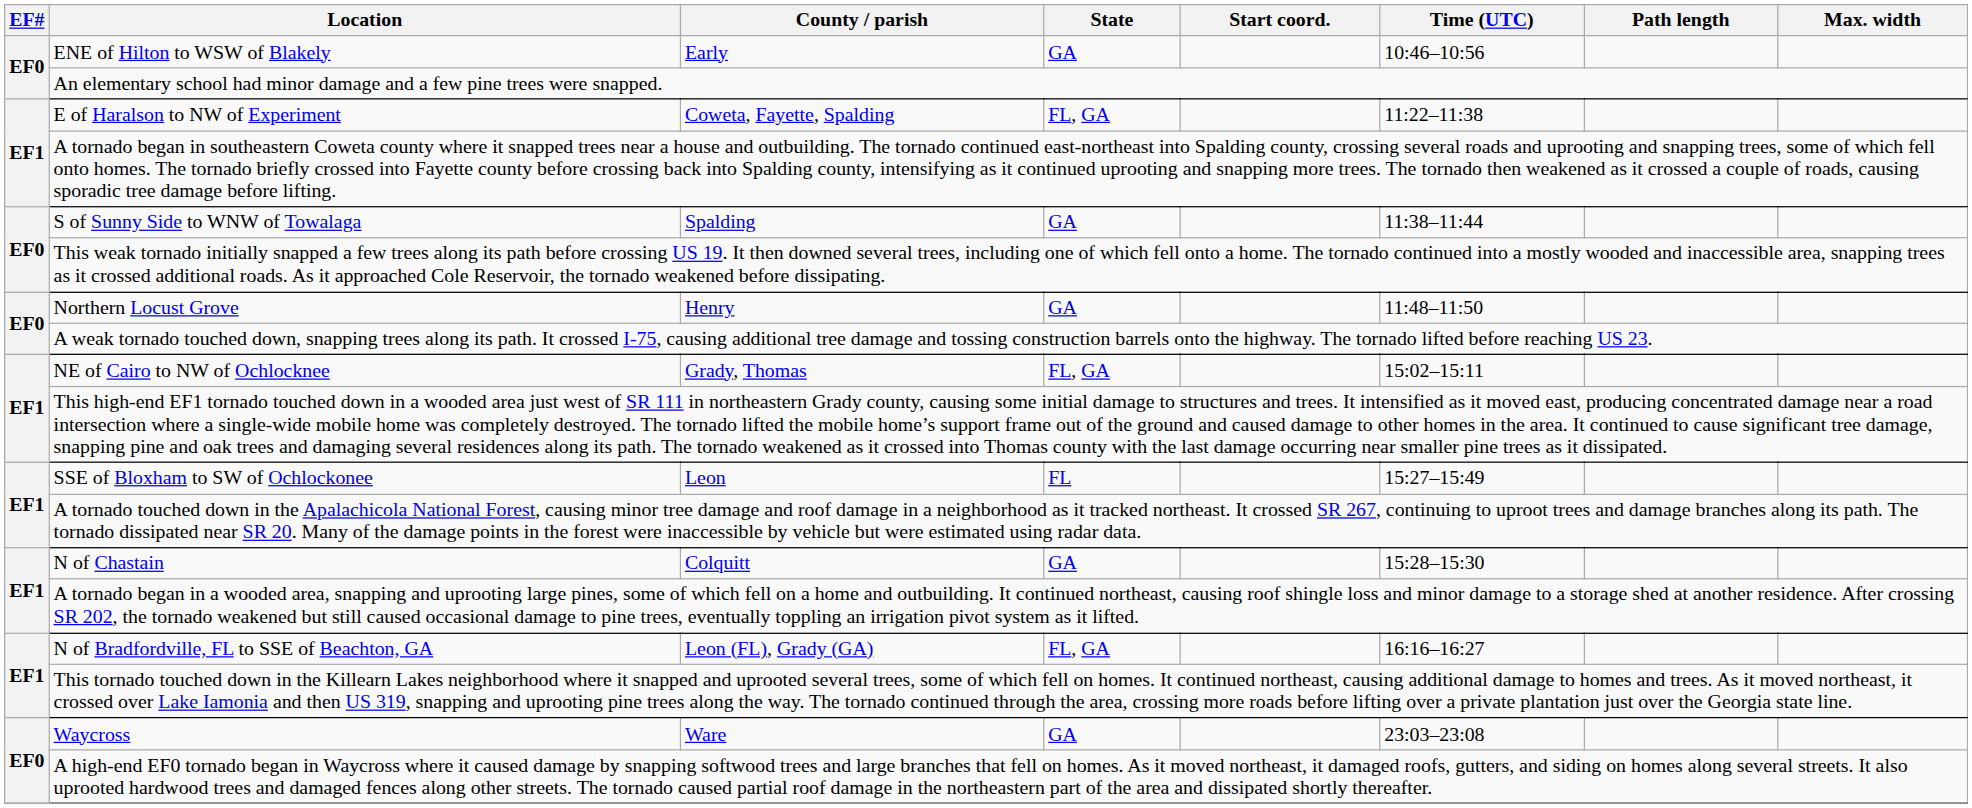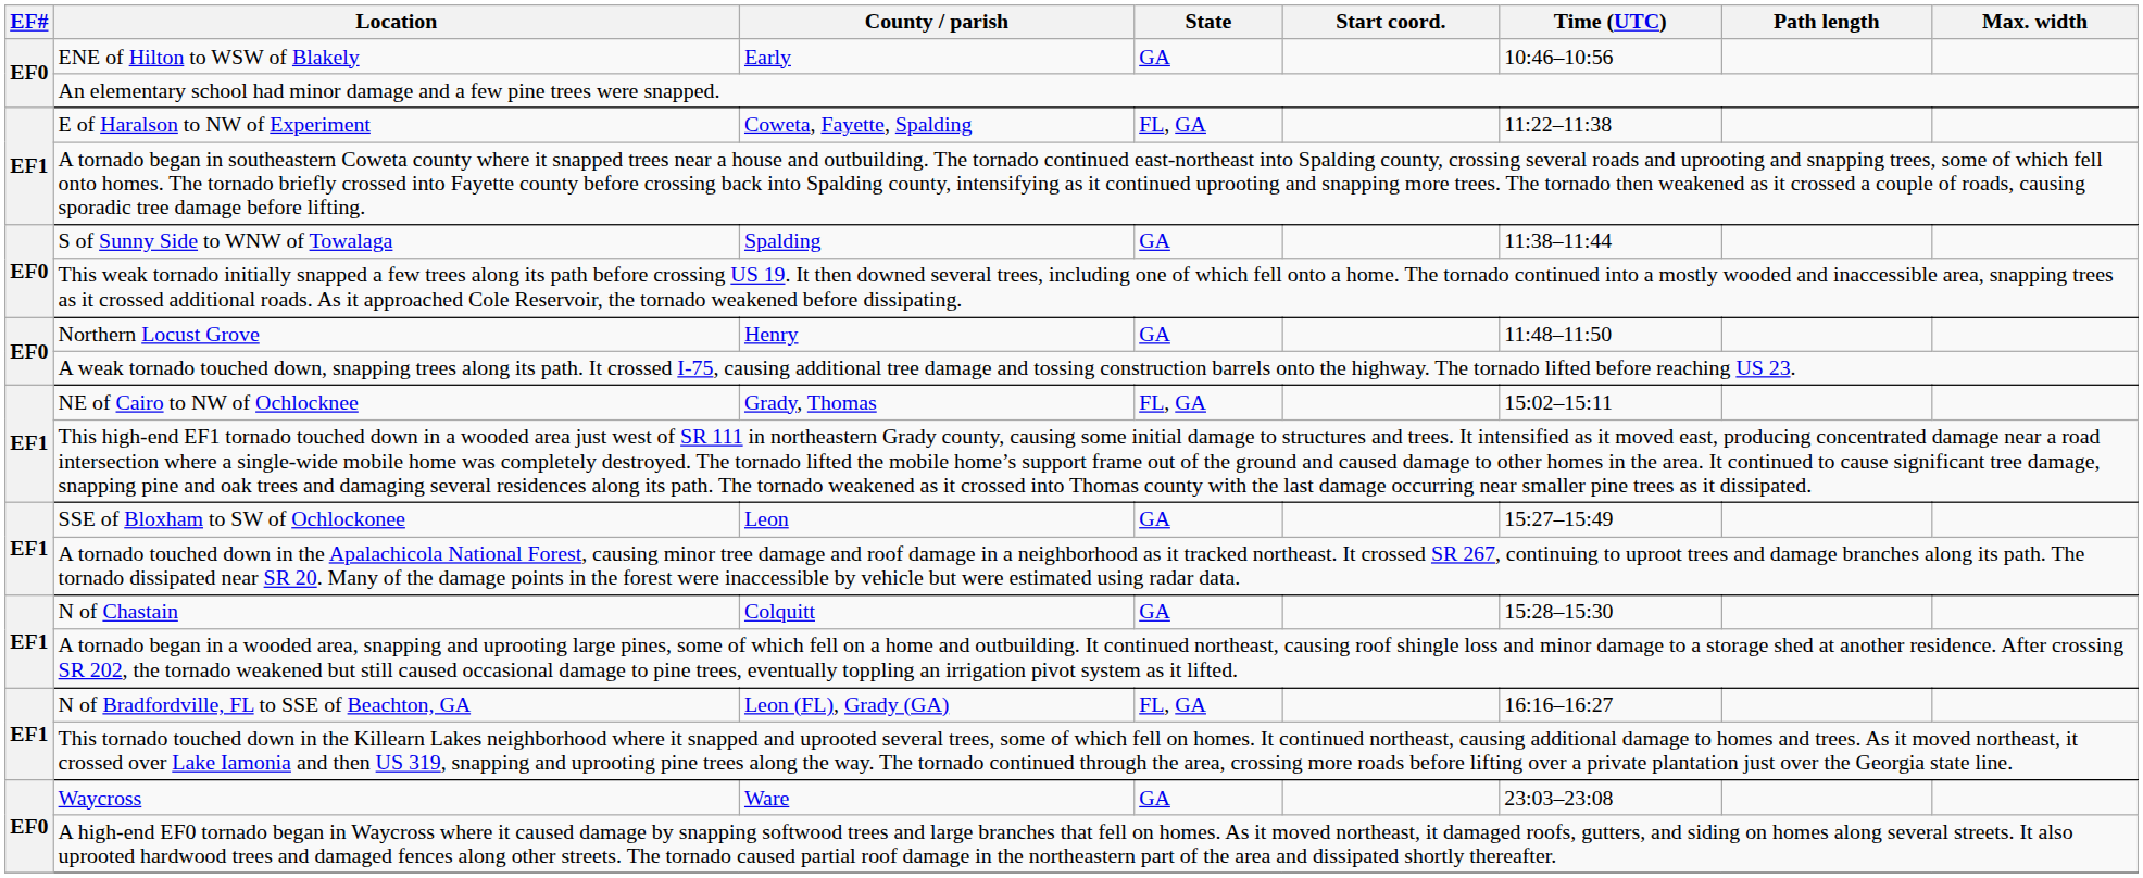 <table class="wikitable sortable" style="width:100%;">
 <tr>
 <th scope="col" width="2%" align="center"><a href='#'>EF#</a></th>
 <th scope="col" align="center" class="unsortable">Location</th>
 <th scope="col" align="center" class="unsortable">County / parish</th>
 <th scope="col" align="center">State</th>
 <th scope="col" align="center">Start coord.</th>
 <th scope="col" align="center">Time (<a href='#'>UTC</a>)</th>
 <th scope="col" align="center">Path length</th>
 <th scope="col" align="center">Max. width</th>
 </tr>
 <tr>
 <th scope="row" rowspan="2" style="background-color:#">EF0</th>
 <td>ENE of <a href='#'>Hilton</a> to WSW of <a href='#'>Blakely</a></td>
 <td><a href='#'>Early</a></td>
 <td><a href='#'>GA</a></td>
 <td></td>
 <td>10:46–10:56</td>
 <td></td>
 <td></td>
 </tr>
 <tr class="expand-child">
 <td colspan="8" style=" border-bottom: 1px solid black;">An elementary school had minor damage and a few pine trees were snapped.</td>
 </tr>
 <tr>
 <th scope="row" rowspan="2" style="background-color:#">EF1</th>
 <td>E of <a href='#'>Haralson</a> to NW of <a href='#'>Experiment</a></td>
 <td><a href='#'>Coweta</a>, <a href='#'>Fayette</a>, <a href='#'>Spalding</a></td>
 <td><a href='#'>FL</a>, <a href='#'>GA</a></td>
 <td></td>
 <td>11:22–11:38</td>
 <td></td>
 <td></td>
 </tr>
 <tr class="expand-child">
 <td colspan="8" style=" border-bottom: 1px solid black;">A tornado began in southeastern Coweta county where it snapped trees near a house and outbuilding. The tornado continued east-northeast into Spalding county, crossing several roads and uprooting and snapping trees, some of which fell onto homes. The tornado briefly crossed into Fayette county before crossing back into Spalding county, intensifying as it continued uprooting and snapping more trees. The tornado then weakened as it crossed a couple of roads, causing sporadic tree damage before lifting.</td>
 </tr>
 <tr>
 <th scope="row" rowspan="2" style="background-color:#">EF0</th>
 <td>S of <a href='#'>Sunny Side</a> to WNW of <a href='#'>Towalaga</a></td>
 <td><a href='#'>Spalding</a></td>
 <td><a href='#'>GA</a></td>
 <td></td>
 <td>11:38–11:44</td>
 <td></td>
 <td></td>
 </tr>
 <tr class="expand-child">
 <td colspan="8" style=" border-bottom: 1px solid black;">This weak tornado initially snapped a few trees along its path before crossing <a href='#'>US 19</a>. It then downed several trees, including one of which fell onto a home. The tornado continued into a mostly wooded and inaccessible area, snapping trees as it crossed additional roads. As it approached Cole Reservoir, the tornado weakened before dissipating.</td>
 </tr>
 <tr>
 <th scope="row" rowspan="2" style="background-color:#">EF0</th>
 <td>Northern <a href='#'>Locust Grove</a></td>
 <td><a href='#'>Henry</a></td>
 <td><a href='#'>GA</a></td>
 <td></td>
 <td>11:48–11:50</td>
 <td></td>
 <td></td>
 </tr>
 <tr class="expand-child">
 <td colspan="8" style=" border-bottom: 1px solid black;">A weak tornado touched down, snapping trees along its path. It crossed <a href='#'>I-75</a>, causing additional tree damage and tossing construction barrels onto the highway. The tornado lifted before reaching <a href='#'>US 23</a>.</td>
 </tr>
 <tr>
 <th scope="row" rowspan="2" style="background-color:#">EF1</th>
 <td>NE of <a href='#'>Cairo</a> to NW of <a href='#'>Ochlocknee</a></td>
 <td><a href='#'>Grady</a>, <a href='#'>Thomas</a></td>
 <td><a href='#'>FL</a>, <a href='#'>GA</a></td>
 <td></td>
 <td>15:02–15:11</td>
 <td></td>
 <td></td>
 </tr>
 <tr class="expand-child">
 <td colspan="8" style=" border-bottom: 1px solid black;">This high-end EF1 tornado touched down in a wooded area just west of <a href='#'>SR 111</a> in northeastern Grady county, causing some initial damage to structures and trees. It intensified as it moved east, producing concentrated damage near a road intersection where a single-wide mobile home was completely destroyed. The tornado lifted the mobile home’s support frame out of the ground and caused damage to other homes in the area. It continued to cause significant tree damage, snapping pine and oak trees and damaging several residences along its path. The tornado weakened as it crossed into Thomas county with the last damage occurring near smaller pine trees as it dissipated.</td>
 </tr>
 <tr>
 <th scope="row" rowspan="2" style="background-color:#">EF1</th>
 <td>SSE of <a href='#'>Bloxham</a> to SW of <a href='#'>Ochlockonee</a></td>
 <td><a href='#'>Leon</a></td>
-<td><a href='#'>FL</a></td>
+<td><a href='#'>GA</a></td>
 <td></td>
 <td>15:27–15:49</td>
 <td></td>
 <td></td>
 </tr>
 <tr class="expand-child">
 <td colspan="8" style=" border-bottom: 1px solid black;">A tornado touched down in the <a href='#'>Apalachicola National Forest</a>, causing minor tree damage and roof damage in a neighborhood as it tracked northeast. It crossed <a href='#'>SR 267</a>, continuing to uproot trees and damage branches along its path. The tornado dissipated near <a href='#'>SR 20</a>. Many of the damage points in the forest were inaccessible by vehicle but were estimated using radar data.</td>
 </tr>
 <tr>
 <th scope="row" rowspan="2" style="background-color:#">EF1</th>
 <td>N of <a href='#'>Chastain</a></td>
 <td><a href='#'>Colquitt</a></td>
 <td><a href='#'>GA</a></td>
 <td></td>
 <td>15:28–15:30</td>
 <td></td>
 <td></td>
 </tr>
 <tr class="expand-child">
 <td colspan="8" style=" border-bottom: 1px solid black;">A tornado began in a wooded area, snapping and uprooting large pines, some of which fell on a home and outbuilding. It continued northeast, causing roof shingle loss and minor damage to a storage shed at another residence. After crossing <a href='#'>SR 202</a>, the tornado weakened but still caused occasional damage to pine trees, eventually toppling an irrigation pivot system as it lifted.</td>
 </tr>
 <tr>
 <th scope="row" rowspan="2" style="background-color:#">EF1</th>
 <td>N of <a href='#'>Bradfordville, FL</a> to SSE of <a href='#'>Beachton, GA</a></td>
 <td><a href='#'>Leon (FL)</a>, <a href='#'>Grady (GA)</a></td>
 <td><a href='#'>FL</a>, <a href='#'>GA</a></td>
 <td></td>
 <td>16:16–16:27</td>
 <td></td>
 <td></td>
 </tr>
 <tr class="expand-child">
 <td colspan="8" style=" border-bottom: 1px solid black;">This tornado touched down in the Killearn Lakes neighborhood where it snapped and uprooted several trees, some of which fell on homes. It continued northeast, causing additional damage to homes and trees. As it moved northeast, it crossed over <a href='#'>Lake Iamonia</a> and then <a href='#'>US 319</a>, snapping and uprooting pine trees along the way. The tornado continued through the area, crossing more roads before lifting over a private plantation just over the Georgia state line.</td>
 </tr>
 <tr>
 <th scope="row" rowspan="2" style="background-color:#">EF0</th>
 <td><a href='#'>Waycross</a></td>
 <td><a href='#'>Ware</a></td>
 <td><a href='#'>GA</a></td>
 <td></td>
 <td>23:03–23:08</td>
 <td></td>
 <td></td>
 </tr>
 <tr class="expand-child">
 <td colspan="8" style=" border-bottom: 1px solid black;">A high-end EF0 tornado began in Waycross where it caused damage by snapping softwood trees and large branches that fell on homes. As it moved northeast, it damaged roofs, gutters, and siding on homes along several streets. It also uprooted hardwood trees and damaged fences along other streets. The tornado caused partial roof damage in the northeastern part of the area and dissipated shortly thereafter.</td>
 </tr>
 <tr>
 </tr>
 </table>
